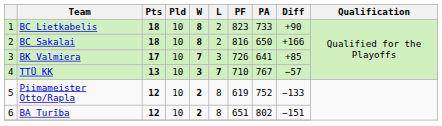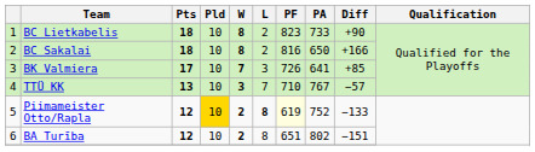 <table class="wikitable" style="text-align: center;">
 <tr>
 <th width=15></th>
 <th width=220>Team</th>
 <th width=30>Pts</th>
 <th width=30>Pld</th>
 <th width=30>W</th>
 <th width=30>L</th>
 <th width=30>PF</th>
 <th width=30>PA</th>
 <th width=50>Diff</th>
 <th width=220>Qualification</th>
 </tr>
 <tr bgcolor=D0F0C0>
 <td>1</td>
 <td align="left"> <a href='#'>BC Lietkabelis</a></td>
 <td><strong>18</strong></td>
 <td>10</td>
 <td><strong>8</strong></td>
 <td>2</td>
 <td>823</td>
 <td>733</td>
 <td>+90</td>
 <td rowspan=4 align="center">Qualified for the Playoffs</td>
 </tr>
 <tr bgcolor=D0F0C0>
 <td>2</td>
 <td align="left"> <a href='#'>BC Sakalai</a></td>
 <td><strong>18</strong></td>
 <td>10</td>
 <td><strong>8</strong></td>
 <td>2</td>
 <td>816</td>
 <td>650</td>
 <td>+166</td>
 </tr>
 <tr bgcolor=D0F0C0>
 <td>3</td>
 <td align="left"> <a href='#'>BK Valmiera</a></td>
 <td><strong>17</strong></td>
 <td>10</td>
 <td><strong>7</strong></td>
 <td>3</td>
 <td>726</td>
 <td>641</td>
 <td>+85</td>
 </tr>
 <tr bgcolor=D0F0C0>
 <td>4</td>
 <td align="left"> <a href='#'>TTÜ KK</a></td>
 <td><strong>13</strong></td>
 <td>10</td>
 <td><strong>3</strong></td>
-<td><strong>7</strong></td>
+<td>7</td>
 <td>710</td>
 <td>767</td>
 <td>−57</td>
 </tr>
 <tr>
 <td>5</td>
 <td align="left"> <a href='#'>Piimameister Otto/Rapla</a></td>
 <td><strong>12</strong></td>
-<td>10</td>
+<td style="background: gold;">10</td>
 <td><strong>2</strong></td>
-<td>8</td>
-<td>619</td>
+<td><strong>8</strong></td>
+<td style="background: lightyellow;">619</td>
 <td>752</td>
 <td>−133</td>
 </tr>
 <tr>
 <td>6</td>
 <td align="left"> <a href='#'>BA Turība</a></td>
 <td><strong>12</strong></td>
 <td>10</td>
 <td><strong>2</strong></td>
 <td>8</td>
 <td>651</td>
 <td>802</td>
 <td>−151</td>
 </tr>
 <tr>
 </tr>
 </table>
